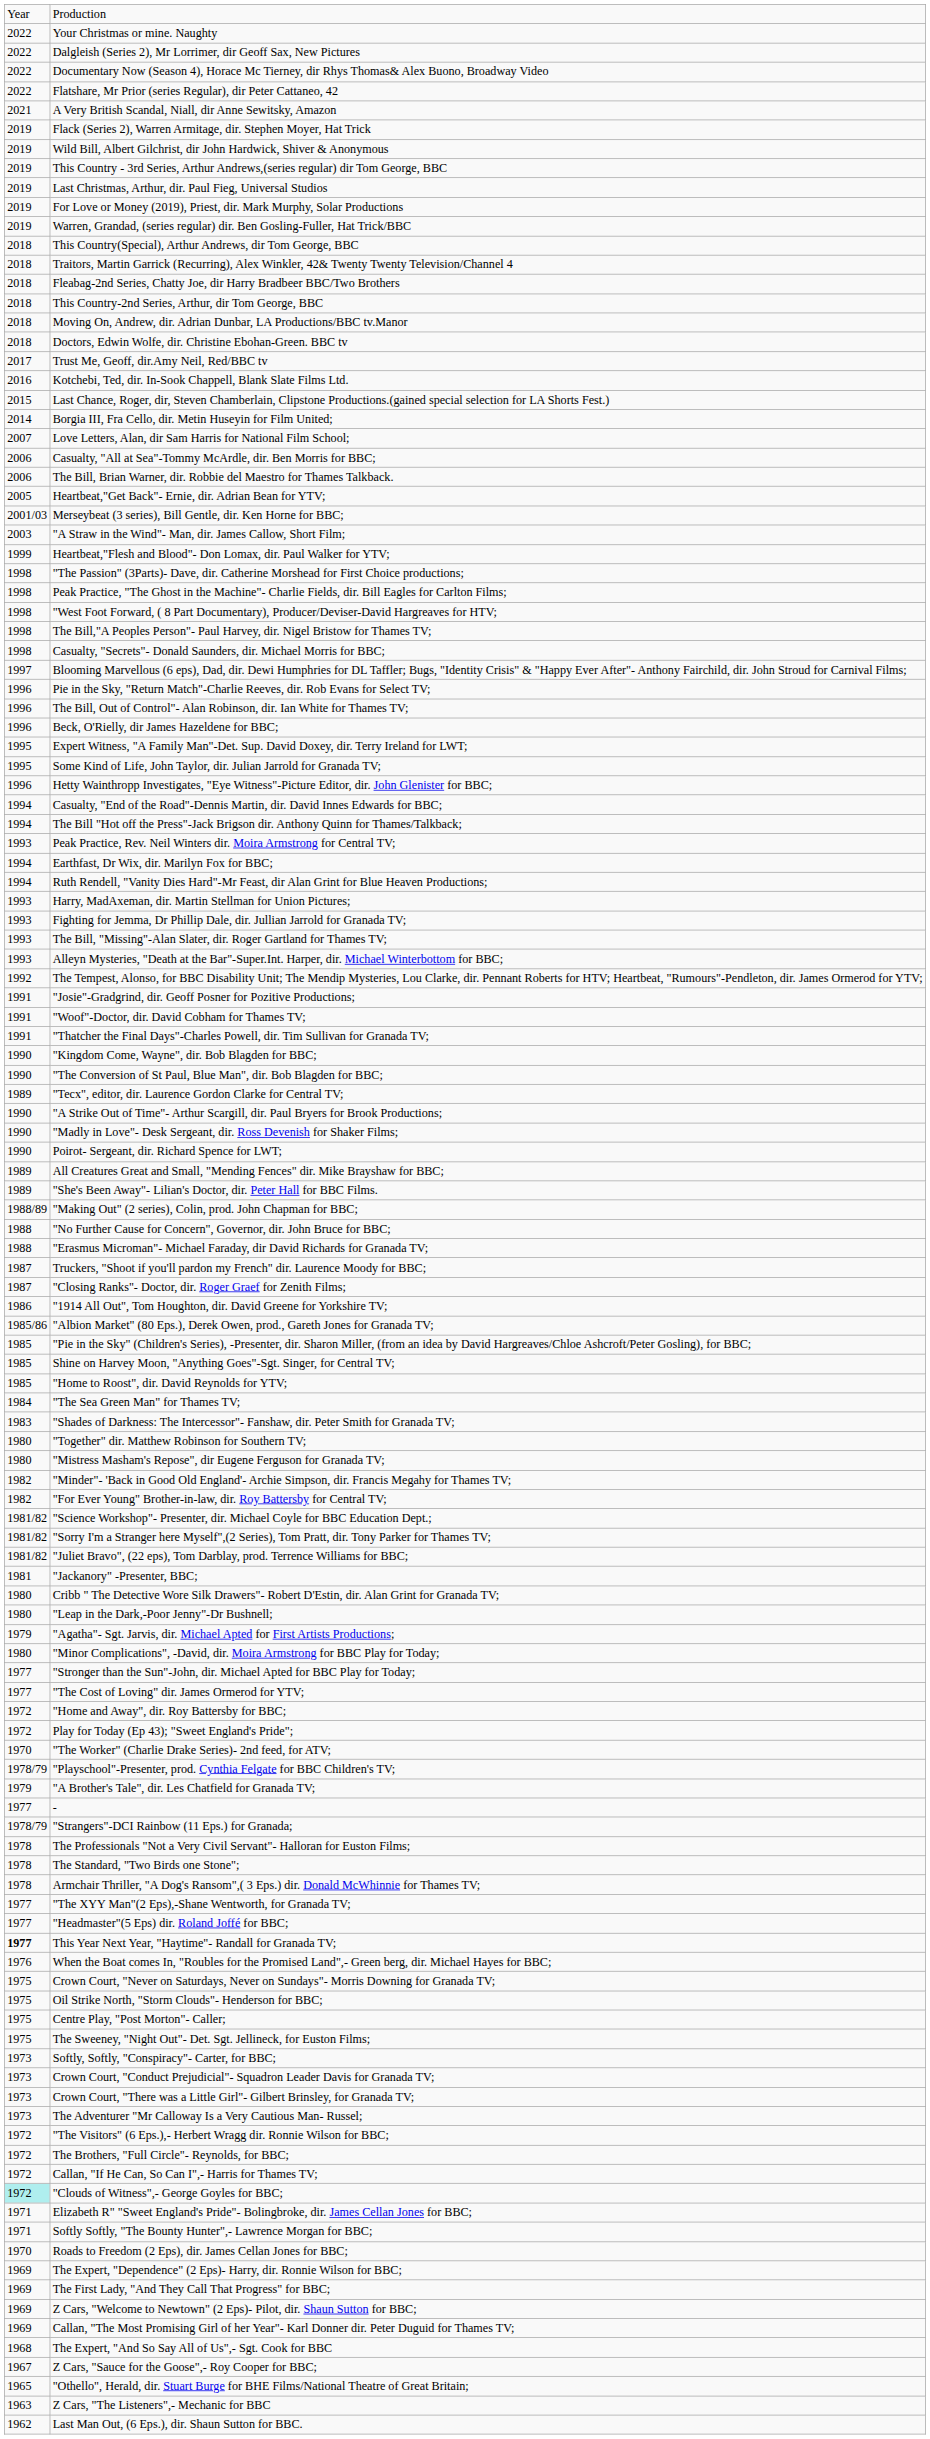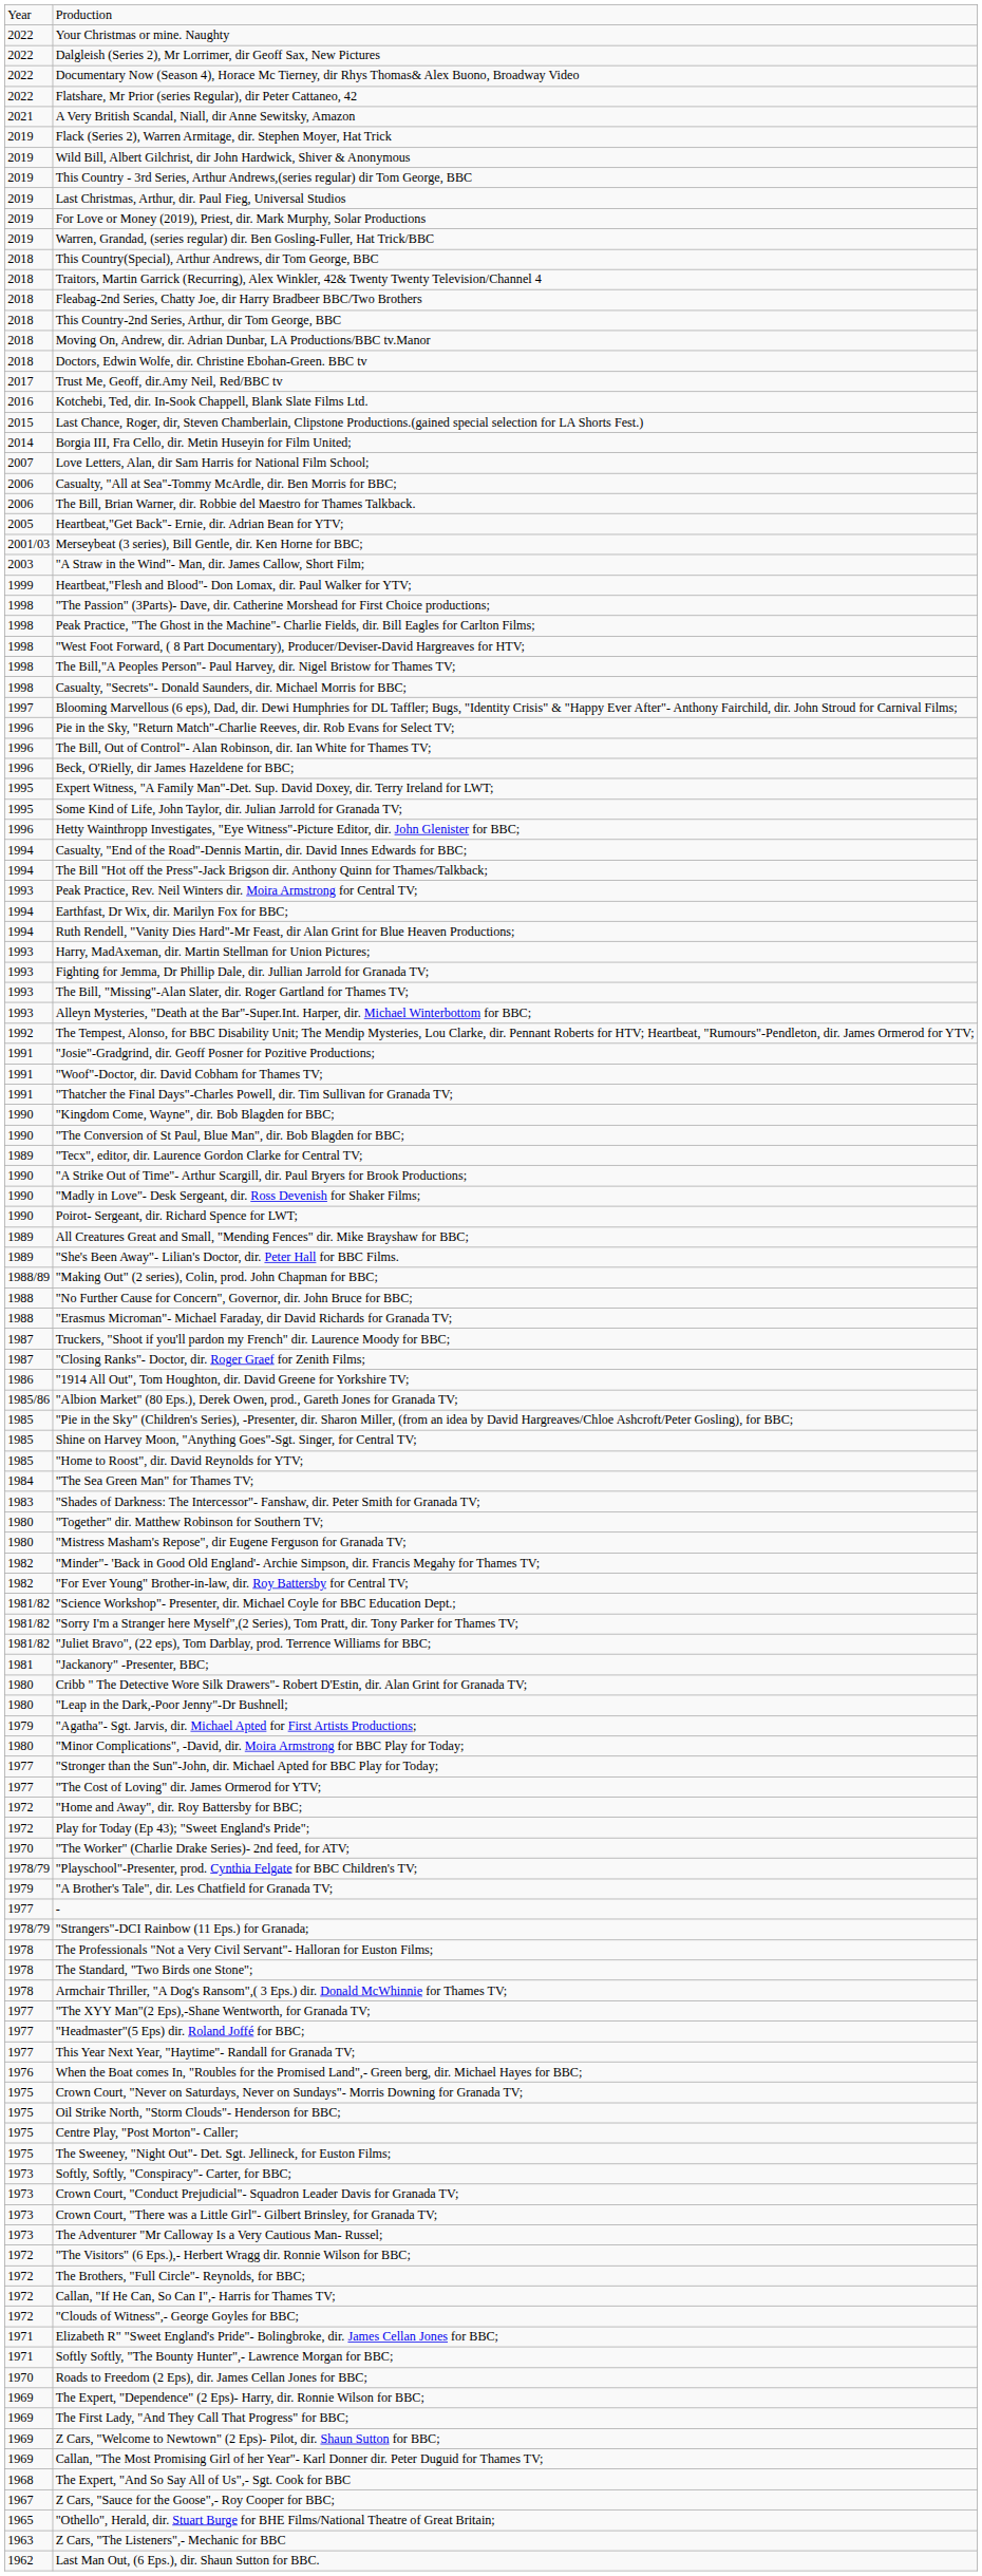 <table class="wikitable">
 <tr>
 <td>Year</td>
 <td>Production<br></td>
 </tr>
 <tr 2023    Us and Inbetween  Eddie. dir. Katia Shannon.  Flyer Films>
 <td>2022</td>
 <td>Your Christmas or mine. Naughty</td>
 </tr>
 <tr>
 <td>2022</td>
 <td>Dalgleish (Series 2), Mr Lorrimer, dir Geoff Sax, New Pictures</td>
 </tr>
 <tr>
 <td>2022</td>
 <td>Documentary Now (Season 4), Horace Mc Tierney, dir Rhys Thomas& Alex Buono, Broadway Video</td>
 </tr>
 <tr>
 <td>2022</td>
 <td>Flatshare, Mr Prior (series Regular), dir Peter Cattaneo, 42</td>
 </tr>
 <tr>
 <td>2021</td>
 <td>A Very British Scandal, Niall, dir Anne Sewitsky, Amazon</td>
 </tr>
 <tr>
 <td>2019</td>
 <td>Flack (Series 2), Warren Armitage, dir. Stephen Moyer, Hat Trick</td>
 </tr>
 <tr>
 <td>2019</td>
 <td>Wild Bill, Albert Gilchrist, dir John Hardwick, Shiver & Anonymous</td>
 </tr>
 <tr>
 <td>2019</td>
 <td>This Country - 3rd Series, Arthur Andrews,(series regular) dir Tom George, BBC</td>
 </tr>
 <tr>
 <td>2019</td>
 <td>Last Christmas, Arthur, dir. Paul Fieg, Universal Studios</td>
 </tr>
 <tr>
 <td>2019</td>
 <td>For Love or Money (2019), Priest, dir. Mark Murphy, Solar Productions</td>
 </tr>
 <tr>
 <td>2019</td>
 <td>Warren, Grandad, (series regular) dir. Ben Gosling-Fuller, Hat Trick/BBC</td>
 </tr>
 <tr>
 <td>2018</td>
 <td>This Country(Special), Arthur Andrews, dir Tom George, BBC</td>
 </tr>
 <tr>
 <td>2018</td>
 <td>Traitors, Martin Garrick (Recurring), Alex Winkler, 42& Twenty Twenty Television/Channel 4</td>
 </tr>
 <tr>
 <td>2018</td>
 <td>Fleabag-2nd Series, Chatty Joe, dir Harry Bradbeer BBC/Two Brothers</td>
 </tr>
 <tr>
 <td>2018</td>
 <td>This Country-2nd Series, Arthur, dir Tom George, BBC</td>
 </tr>
 <tr>
 <td>2018</td>
 <td>Moving On, Andrew, dir. Adrian Dunbar, LA Productions/BBC tv.Manor</td>
 </tr>
 <tr>
 <td>2018</td>
 <td>Doctors, Edwin Wolfe, dir. Christine Ebohan-Green. BBC tv</td>
 </tr>
 <tr>
 <td>2017</td>
 <td>Trust Me, Geoff, dir.Amy Neil, Red/BBC tv</td>
 </tr>
 <tr>
 <td>2016</td>
 <td>Kotchebi, Ted, dir. In-Sook Chappell, Blank Slate Films Ltd.</td>
 </tr>
 <tr>
 <td>2015</td>
 <td>Last Chance, Roger, dir, Steven Chamberlain, Clipstone Productions.(gained special selection for LA Shorts Fest.)</td>
 </tr>
 <tr>
 <td>2014</td>
 <td>Borgia III, Fra Cello, dir. Metin Huseyin for Film United;</td>
 </tr>
 <tr>
 <td>2007</td>
 <td>Love Letters, Alan, dir Sam Harris for National Film School;</td>
 </tr>
 <tr>
 <td>2006</td>
 <td>Casualty, "All at Sea"-Tommy McArdle, dir. Ben Morris for BBC;</td>
 </tr>
 <tr>
 <td>2006</td>
 <td>The Bill, Brian Warner, dir. Robbie del Maestro for Thames Talkback.</td>
 </tr>
 <tr>
 <td>2005</td>
 <td>Heartbeat,"Get Back"- Ernie, dir. Adrian Bean for YTV;</td>
 </tr>
 <tr>
 <td>2001/03</td>
 <td>Merseybeat (3 series), Bill Gentle, dir. Ken Horne for BBC;</td>
 </tr>
 <tr>
 <td>2003</td>
 <td>"A Straw in the Wind"- Man, dir. James Callow, Short Film;</td>
 </tr>
 <tr>
 <td>1999</td>
 <td>Heartbeat,"Flesh and Blood"- Don Lomax, dir. Paul Walker for YTV;</td>
 </tr>
 <tr>
 <td>1998</td>
 <td>"The Passion" (3Parts)- Dave, dir. Catherine Morshead for First Choice productions;</td>
 </tr>
 <tr>
 <td>1998</td>
 <td>Peak Practice, "The Ghost in the Machine"- Charlie Fields, dir. Bill Eagles for Carlton Films;</td>
 </tr>
 <tr>
 <td>1998</td>
 <td>"West Foot Forward, ( 8 Part Documentary), Producer/Deviser-David Hargreaves for HTV;</td>
 </tr>
 <tr>
 <td>1998</td>
 <td>The Bill,"A Peoples Person"- Paul Harvey, dir. Nigel Bristow for Thames TV;</td>
 </tr>
 <tr>
 <td>1998</td>
 <td>Casualty, "Secrets"- Donald Saunders, dir. Michael Morris for BBC;</td>
 </tr>
 <tr>
 <td>1997</td>
 <td>Blooming Marvellous (6 eps), Dad, dir. Dewi Humphries for DL Taffler; Bugs, "Identity Crisis" & "Happy Ever After"- Anthony Fairchild, dir. John Stroud for Carnival Films;</td>
 </tr>
 <tr>
 <td>1996</td>
 <td>Pie in the Sky, "Return Match"-Charlie Reeves, dir. Rob Evans for Select TV;</td>
 </tr>
 <tr>
 <td>1996</td>
 <td>The Bill, Out of Control"- Alan Robinson, dir. Ian White for Thames TV;</td>
 </tr>
 <tr>
 <td>1996</td>
 <td>Beck, O'Rielly, dir James Hazeldene for BBC;</td>
 </tr>
 <tr>
 <td>1995</td>
 <td>Expert Witness, "A Family Man"-Det. Sup. David Doxey, dir. Terry Ireland for LWT;</td>
 </tr>
 <tr>
 <td>1995</td>
 <td>Some Kind of Life, John Taylor, dir. Julian Jarrold for Granada TV;</td>
 </tr>
 <tr>
 <td>1996</td>
 <td>Hetty Wainthropp Investigates, "Eye Witness"-Picture Editor, dir. <a href='#'>John Glenister</a> for BBC;</td>
 </tr>
 <tr>
 <td>1994</td>
 <td>Casualty, "End of the Road"-Dennis Martin, dir. David Innes Edwards for BBC;</td>
 </tr>
 <tr>
 <td>1994</td>
 <td>The Bill "Hot off the Press"-Jack Brigson dir. Anthony Quinn for Thames/Talkback;</td>
 </tr>
 <tr>
 <td>1993</td>
 <td>Peak Practice, Rev. Neil Winters dir. <a href='#'>Moira Armstrong</a> for Central TV;</td>
 </tr>
 <tr>
 <td>1994</td>
 <td>Earthfast, Dr Wix, dir. Marilyn Fox for BBC;</td>
 </tr>
 <tr>
 <td>1994</td>
 <td>Ruth Rendell, "Vanity Dies Hard"-Mr Feast, dir Alan Grint for Blue Heaven Productions;</td>
 </tr>
 <tr>
 <td>1993</td>
 <td>Harry, MadAxeman, dir. Martin Stellman for Union Pictures;</td>
 </tr>
 <tr>
 <td>1993</td>
 <td>Fighting for Jemma, Dr Phillip Dale, dir. Jullian Jarrold for Granada TV;</td>
 </tr>
 <tr>
 <td>1993</td>
 <td>The Bill, "Missing"-Alan Slater, dir. Roger Gartland for Thames TV;</td>
 </tr>
 <tr>
 <td>1993</td>
 <td>Alleyn Mysteries, "Death at the Bar"-Super.Int. Harper, dir. <a href='#'>Michael Winterbottom</a> for BBC;</td>
 </tr>
 <tr>
 <td>1992</td>
 <td>The Tempest, Alonso, for BBC Disability Unit; The Mendip Mysteries, Lou Clarke, dir. Pennant Roberts for HTV; Heartbeat, "Rumours"-Pendleton, dir. James Ormerod for YTV;</td>
 </tr>
 <tr>
 <td>1991</td>
 <td>"Josie"-Gradgrind, dir. Geoff Posner for Pozitive Productions;</td>
 </tr>
 <tr>
 <td>1991</td>
 <td>"Woof"-Doctor, dir. David Cobham for Thames TV;</td>
 </tr>
 <tr>
 <td>1991</td>
 <td>"Thatcher the Final Days"-Charles Powell, dir. Tim Sullivan for Granada TV;</td>
 </tr>
 <tr>
 <td>1990</td>
 <td>"Kingdom Come, Wayne", dir. Bob Blagden for BBC;</td>
 </tr>
 <tr>
 <td>1990</td>
 <td>"The Conversion of St Paul, Blue Man", dir. Bob Blagden for BBC;</td>
 </tr>
 <tr>
 <td>1989</td>
 <td>"Tecx", editor, dir. Laurence Gordon Clarke for Central TV;</td>
 </tr>
 <tr>
 <td>1990</td>
 <td>"A Strike Out of Time"- Arthur Scargill, dir. Paul Bryers for Brook Productions;</td>
 </tr>
 <tr>
 <td>1990</td>
 <td>"Madly in Love"- Desk Sergeant, dir. <a href='#'>Ross Devenish</a> for Shaker Films;</td>
 </tr>
 <tr>
 <td>1990</td>
 <td>Poirot-  Sergeant, dir. Richard Spence for LWT;</td>
 </tr>
 <tr>
 <td>1989</td>
 <td>All Creatures Great and Small, "Mending Fences" dir. Mike Brayshaw for BBC;</td>
 </tr>
 <tr>
 <td>1989</td>
 <td>"She's Been Away"- Lilian's Doctor, dir. <a href='#'>Peter Hall</a> for BBC Films.</td>
 </tr>
 <tr>
 <td>1988/89</td>
 <td>"Making Out" (2 series), Colin, prod. John Chapman for BBC;</td>
 </tr>
 <tr>
 <td>1988</td>
 <td>"No Further Cause for Concern", Governor, dir. John Bruce for BBC;</td>
 </tr>
 <tr>
 <td>1988</td>
 <td>"Erasmus Microman"- Michael Faraday, dir David Richards for Granada TV;</td>
 </tr>
 <tr>
 <td>1987</td>
 <td>Truckers, "Shoot if you'll pardon my French" dir. Laurence Moody for BBC;</td>
 </tr>
 <tr>
 <td>1987</td>
 <td>"Closing Ranks"- Doctor, dir. <a href='#'>Roger Graef</a> for Zenith Films;</td>
 </tr>
 <tr>
 <td>1986</td>
 <td>"1914 All Out", Tom Houghton, dir. David Greene for Yorkshire TV;</td>
 </tr>
 <tr>
 <td>1985/86</td>
 <td>"Albion Market" (80 Eps.), Derek Owen, prod., Gareth Jones for Granada TV;</td>
 </tr>
 <tr>
 <td>1985</td>
 <td>"Pie in the Sky" (Children's Series), -Presenter, dir. Sharon Miller, (from an idea by David Hargreaves/Chloe Ashcroft/Peter Gosling), for BBC;</td>
 </tr>
 <tr>
 <td>1985</td>
 <td>Shine on Harvey Moon, "Anything Goes"-Sgt. Singer, for Central TV;</td>
 </tr>
 <tr>
 <td>1985</td>
 <td>"Home to Roost", dir. David Reynolds for YTV;</td>
 </tr>
 <tr>
 <td>1984</td>
 <td>"The Sea Green Man" for Thames TV;</td>
 </tr>
 <tr>
 <td>1983</td>
 <td>"Shades of Darkness: The Intercessor"- Fanshaw, dir. Peter Smith for Granada TV;</td>
 </tr>
 <tr>
 <td>1980</td>
 <td>"Together" dir. Matthew Robinson for Southern TV;</td>
 </tr>
 <tr>
 <td>1980</td>
 <td>"Mistress Masham's Repose", dir Eugene Ferguson for Granada TV;</td>
 </tr>
 <tr>
 <td>1982</td>
 <td>"Minder"- 'Back in Good Old England'- Archie Simpson, dir. Francis Megahy for Thames TV;</td>
 </tr>
 <tr>
 <td>1982</td>
 <td>"For Ever Young" Brother-in-law, dir. <a href='#'>Roy Battersby</a> for Central TV;</td>
 </tr>
 <tr>
 <td>1981/82</td>
 <td>"Science Workshop"- Presenter, dir. Michael Coyle for BBC Education Dept.;</td>
 </tr>
 <tr>
 <td>1981/82</td>
 <td>"Sorry I'm a Stranger here Myself",(2 Series), Tom Pratt, dir. Tony Parker for Thames TV;</td>
 </tr>
 <tr>
 <td>1981/82</td>
 <td>"Juliet Bravo", (22 eps), Tom Darblay, prod. Terrence Williams for BBC;</td>
 </tr>
 <tr>
 <td>1981</td>
 <td>"Jackanory" -Presenter, BBC;</td>
 </tr>
 <tr>
 <td>1980</td>
 <td>Cribb " The Detective Wore Silk Drawers"- Robert D'Estin, dir. Alan Grint for Granada TV;</td>
 </tr>
 <tr>
 <td>1980</td>
 <td>"Leap in the Dark,-Poor Jenny"-Dr Bushnell;</td>
 </tr>
 <tr>
 <td>1979</td>
 <td>"Agatha"- Sgt. Jarvis, dir. <a href='#'>Michael Apted</a> for <a href='#'>First Artists Productions</a>;</td>
 </tr>
 <tr>
 <td>1980</td>
 <td>"Minor Complications", -David, dir. <a href='#'>Moira Armstrong</a> for BBC Play for Today;</td>
 </tr>
 <tr>
 <td>1977</td>
 <td>"Stronger than the Sun"-John, dir. Michael Apted for BBC Play for Today;</td>
 </tr>
 <tr>
 <td>1977</td>
 <td>"The Cost of Loving" dir. James Ormerod for YTV;</td>
 </tr>
 <tr>
 <td>1972</td>
 <td>"Home and Away", dir. Roy Battersby for BBC;</td>
 </tr>
 <tr>
 <td>1972</td>
 <td>Play for Today (Ep 43); "Sweet England's Pride";</td>
 </tr>
 <tr>
 <td>1970</td>
 <td>"The Worker" (Charlie Drake Series)- 2nd feed, for ATV;</td>
 </tr>
 <tr>
 <td>1978/79</td>
 <td>"Playschool"-Presenter, prod. <a href='#'>Cynthia Felgate</a> for BBC Children's TV;</td>
 </tr>
 <tr>
 <td>1979</td>
 <td>"A Brother's Tale", dir. Les Chatfield for Granada TV;</td>
 </tr>
 <tr>
 <td>1977</td>
 <td "Coronation Street", Mr Birchell, dir. Matthew Robinson for Granada TV;>-</td>
 </tr>
 <tr>
 <td>1978/79</td>
 <td>"Strangers"-DCI Rainbow (11 Eps.) for Granada;</td>
 </tr>
 <tr>
 <td>1978</td>
 <td>The Professionals "Not a Very Civil Servant"- Halloran for Euston Films;</td>
 </tr>
 <tr>
 <td>1978</td>
 <td>The Standard, "Two Birds one Stone";</td>
 </tr>
 <tr>
 <td>1978</td>
 <td>Armchair Thriller, "A Dog's Ransom",( 3 Eps.) dir. <a href='#'>Donald McWhinnie</a> for Thames TV;</td>
 </tr>
 <tr>
 <td>1977</td>
 <td>"The XYY Man"(2 Eps),-Shane Wentworth, for Granada TV;</td>
 </tr>
 <tr>
 <td>1977</td>
 <td>"Headmaster"(5 Eps) dir. <a href='#'>Roland Joffé</a> for BBC;</td>
 </tr>
 <tr>
-<td><strong>1977</strong></td>
+<td>1977</td>
 <td>This Year Next Year, "Haytime"- Randall for Granada TV;</td>
 </tr>
 <tr>
 <td>1976</td>
 <td>When the Boat comes In, "Roubles for the Promised Land",- Green berg, dir. Michael Hayes for BBC;</td>
 </tr>
 <tr>
 <td>1975</td>
 <td>Crown Court, "Never on Saturdays, Never on Sundays"- Morris Downing for Granada TV;</td>
 </tr>
 <tr>
 <td>1975</td>
 <td>Oil Strike North, "Storm Clouds"- Henderson for BBC;</td>
 </tr>
 <tr>
 <td>1975</td>
 <td>Centre Play, "Post Morton"- Caller;</td>
 </tr>
 <tr>
 <td>1975</td>
 <td>The Sweeney, "Night Out"- Det. Sgt. Jellineck, for Euston Films;</td>
 </tr>
 <tr>
 <td>1973</td>
 <td>Softly, Softly, "Conspiracy"- Carter, for BBC;</td>
 </tr>
 <tr>
 <td>1973</td>
 <td>Crown Court, "Conduct Prejudicial"- Squadron Leader Davis for Granada TV;</td>
 </tr>
 <tr>
 <td>1973</td>
 <td>Crown Court, "There was a Little Girl"- Gilbert Brinsley, for Granada TV;</td>
 </tr>
 <tr>
 <td>1973</td>
 <td>The Adventurer "Mr Calloway Is a Very Cautious Man- Russel;</td>
 </tr>
 <tr>
 <td>1972</td>
 <td>"The Visitors" (6 Eps.),- Herbert Wragg dir. Ronnie Wilson for BBC;</td>
 </tr>
 <tr>
 <td>1972</td>
 <td>The Brothers, "Full Circle"- Reynolds, for BBC;</td>
 </tr>
 <tr>
 <td>1972</td>
 <td>Callan, "If He Can, So Can I",- Harris for Thames TV;</td>
 </tr>
 <tr>
-<td style="background: paleturquoise;">1972</td>
+<td>1972</td>
 <td>"Clouds of Witness",- George Goyles for BBC;</td>
 </tr>
 <tr>
 <td>1971</td>
 <td>Elizabeth R" "Sweet England's Pride"- Bolingbroke, dir. <a href='#'>James Cellan Jones</a> for BBC;</td>
 </tr>
 <tr>
 <td>1971</td>
 <td>Softly Softly, "The Bounty Hunter",- Lawrence Morgan for BBC;</td>
 </tr>
 <tr>
 <td>1970</td>
 <td>Roads to Freedom (2 Eps), dir. James Cellan Jones for BBC;</td>
 </tr>
 <tr>
 <td>1969</td>
 <td>The Expert, "Dependence" (2 Eps)- Harry, dir. Ronnie Wilson for BBC;</td>
 </tr>
 <tr>
 <td>1969</td>
 <td>The First Lady, "And They Call That Progress" for BBC;</td>
 </tr>
 <tr>
 <td>1969</td>
 <td>Z Cars, "Welcome to Newtown" (2 Eps)- Pilot, dir. <a href='#'>Shaun Sutton</a> for BBC;</td>
 </tr>
 <tr>
 <td>1969</td>
 <td>Callan, "The Most Promising Girl of her Year"- Karl Donner dir. Peter Duguid for Thames TV;</td>
 </tr>
 <tr>
 <td>1968</td>
 <td>The Expert, "And So Say All of Us",- Sgt. Cook for BBC</td>
 </tr>
 <tr>
 <td>1967</td>
 <td>Z Cars, "Sauce for the Goose",- Roy Cooper for BBC;</td>
 </tr>
 <tr>
 <td>1965</td>
 <td>"Othello", Herald, dir. <a href='#'>Stuart Burge</a> for BHE Films/National Theatre of Great Britain;</td>
 </tr>
 <tr>
 <td>1963</td>
 <td>Z Cars, "The Listeners",- Mechanic for BBC</td>
 </tr>
 <tr>
 <td>1962</td>
 <td>Last Man Out, (6 Eps.), dir. Shaun Sutton for BBC.</td>
 </tr>
 </table>
